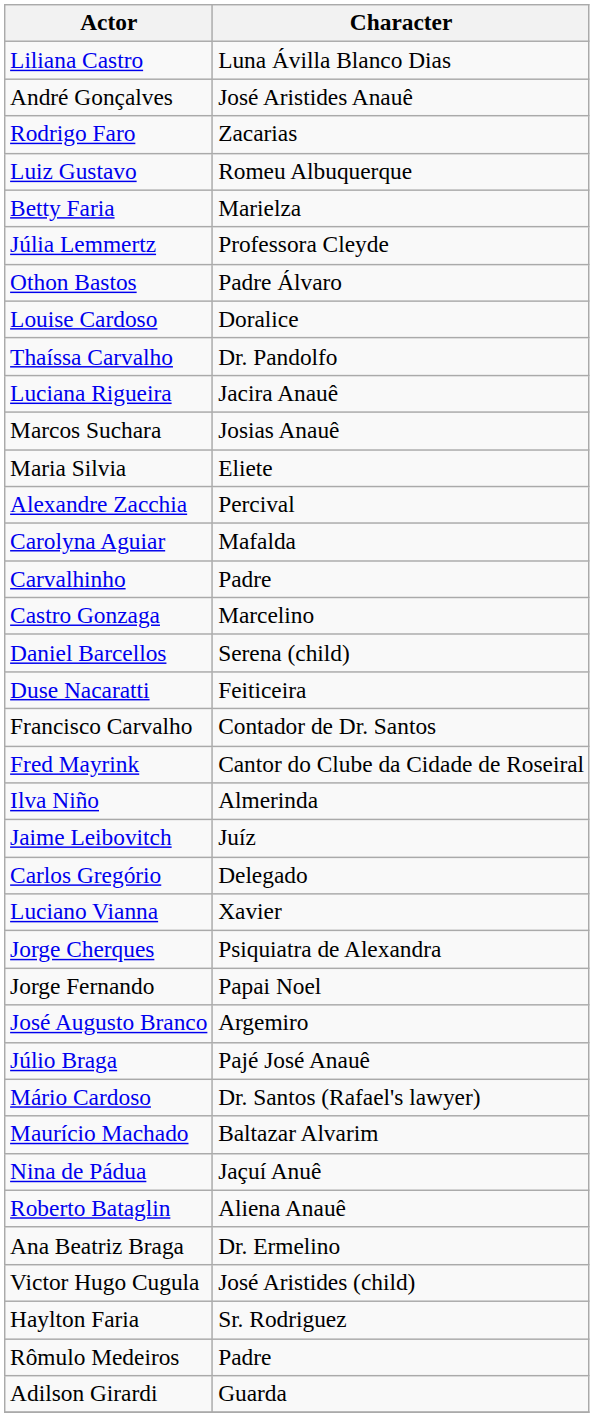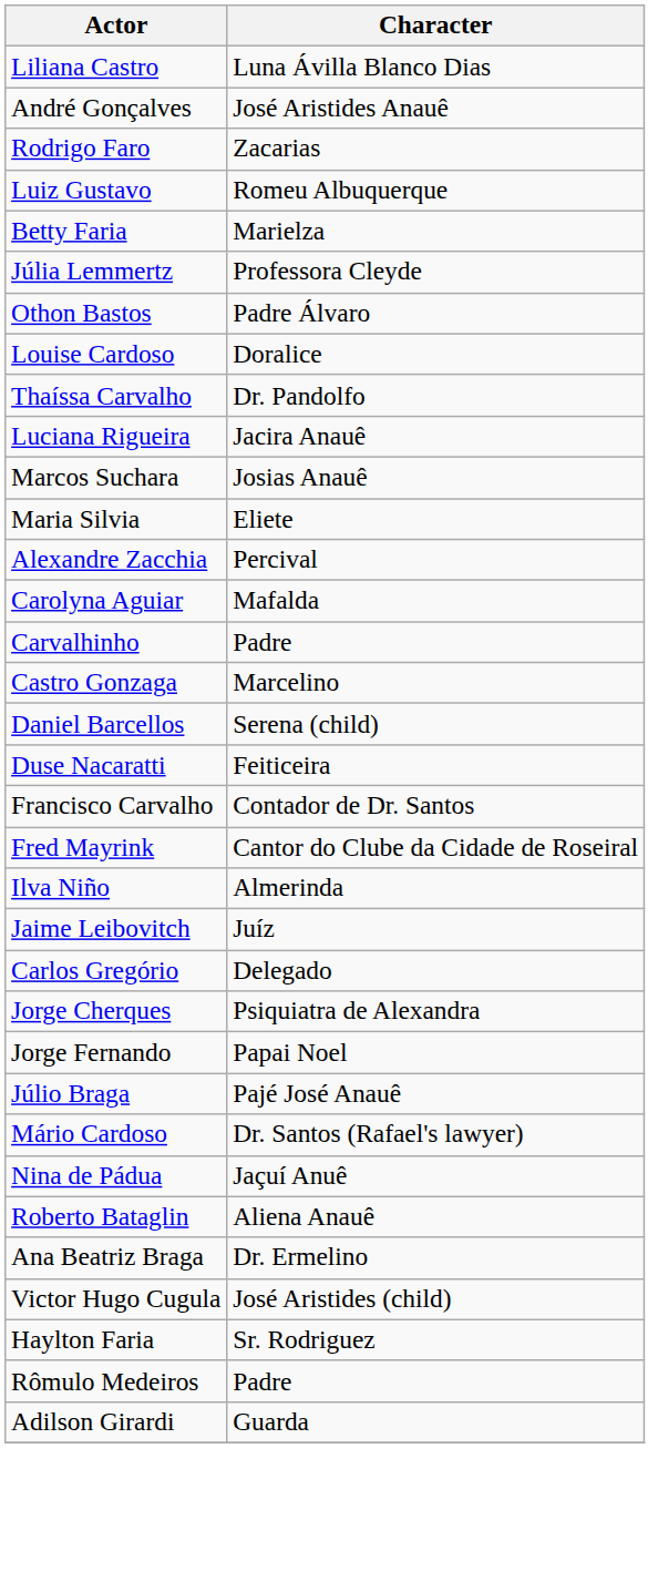 <table class="wikitable">
 <tr>
 <th>Actor</th>
 <th>Character</th>
 </tr>
 <tr>
 <td><a href='#'>Liliana Castro</a></td>
 <td>Luna Ávilla Blanco Dias</td>
 </tr>
 <tr>
 <td>André Gonçalves</td>
 <td>José Aristides Anauê</td>
 </tr>
 <tr>
 <td><a href='#'>Rodrigo Faro</a></td>
 <td>Zacarias</td>
 </tr>
 <tr>
 <td><a href='#'>Luiz Gustavo</a></td>
 <td>Romeu Albuquerque</td>
 </tr>
 <tr>
 <td><a href='#'>Betty Faria</a></td>
 <td>Marielza</td>
 </tr>
 <tr>
 <td><a href='#'>Júlia Lemmertz</a></td>
 <td>Professora Cleyde</td>
 </tr>
 <tr>
 <td><a href='#'>Othon Bastos</a></td>
 <td>Padre Álvaro</td>
 </tr>
 <tr>
 <td><a href='#'>Louise Cardoso</a></td>
 <td>Doralice</td>
 </tr>
 <tr>
 <td><a href='#'>Thaíssa Carvalho</a></td>
 <td>Dr. Pandolfo</td>
 </tr>
 <tr>
 <td><a href='#'>Luciana Rigueira</a></td>
 <td>Jacira Anauê</td>
 </tr>
 <tr>
 <td>Marcos Suchara</td>
 <td>Josias Anauê</td>
 </tr>
 <tr>
 <td>Maria Silvia</td>
 <td>Eliete</td>
 </tr>
 <tr>
 <td><a href='#'>Alexandre Zacchia</a></td>
 <td>Percival</td>
 </tr>
 <tr>
 <td><a href='#'>Carolyna Aguiar</a></td>
 <td>Mafalda</td>
 </tr>
 <tr>
 <td><a href='#'>Carvalhinho</a></td>
 <td>Padre</td>
 </tr>
 <tr>
 <td><a href='#'>Castro Gonzaga</a></td>
 <td>Marcelino</td>
 </tr>
 <tr>
 <td><a href='#'>Daniel Barcellos</a></td>
 <td>Serena (child)</td>
 </tr>
 <tr>
 <td><a href='#'>Duse Nacaratti</a></td>
 <td>Feiticeira</td>
 </tr>
 <tr>
 <td>Francisco Carvalho</td>
 <td>Contador de Dr. Santos</td>
 </tr>
 <tr>
 <td><a href='#'>Fred Mayrink</a></td>
 <td>Cantor do Clube da Cidade de Roseiral</td>
 </tr>
 <tr>
 <td><a href='#'>Ilva Niño</a></td>
 <td>Almerinda</td>
 </tr>
 <tr>
 <td><a href='#'>Jaime Leibovitch</a></td>
 <td>Juíz</td>
 </tr>
 <tr>
 <td><a href='#'>Carlos Gregório</a></td>
 <td>Delegado</td>
 </tr>
 <tr>
-<td><a href='#'>Luciano Vianna</a></td>
-<td>Xavier</td>
-</tr>
-<tr>
 <td><a href='#'>Jorge Cherques</a></td>
 <td>Psiquiatra de Alexandra</td>
 </tr>
 <tr>
 <td>Jorge Fernando</td>
 <td>Papai Noel</td>
 </tr>
 <tr>
-<td><a href='#'>José Augusto Branco</a></td>
-<td>Argemiro</td>
-</tr>
-<tr>
 <td><a href='#'>Júlio Braga</a></td>
 <td>Pajé José Anauê</td>
 </tr>
 <tr>
 <td><a href='#'>Mário Cardoso</a></td>
 <td>Dr. Santos (Rafael's lawyer)</td>
-</tr>
-<tr>
-<td><a href='#'>Maurício Machado</a></td>
-<td>Baltazar Alvarim</td>
 </tr>
 <tr>
 <td><a href='#'>Nina de Pádua</a></td>
 <td>Jaçuí Anuê</td>
 </tr>
 <tr>
 <td><a href='#'>Roberto Bataglin</a></td>
 <td>Aliena Anauê</td>
 </tr>
 <tr>
 <td>Ana Beatriz Braga</td>
 <td>Dr. Ermelino</td>
 </tr>
 <tr>
 <td>Victor Hugo Cugula</td>
 <td>José Aristides (child)</td>
 </tr>
 <tr>
 <td>Haylton Faria</td>
 <td>Sr. Rodriguez</td>
 </tr>
 <tr>
 <td>Rômulo Medeiros</td>
 <td>Padre</td>
 </tr>
 <tr>
 <td>Adilson Girardi</td>
 <td>Guarda</td>
 </tr>
 <tr>
 </tr>
 </table>
